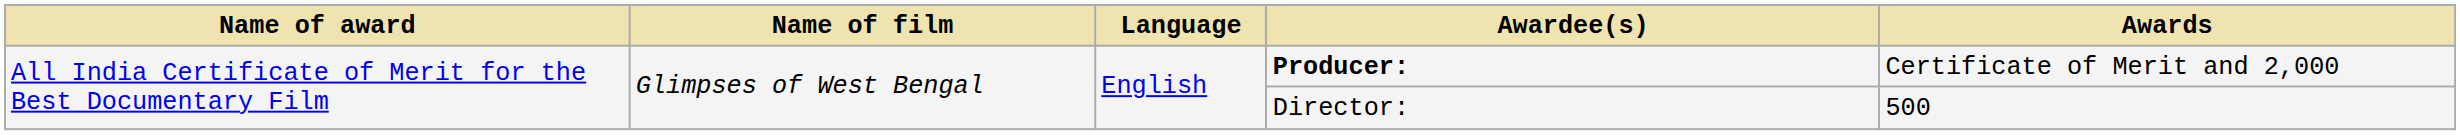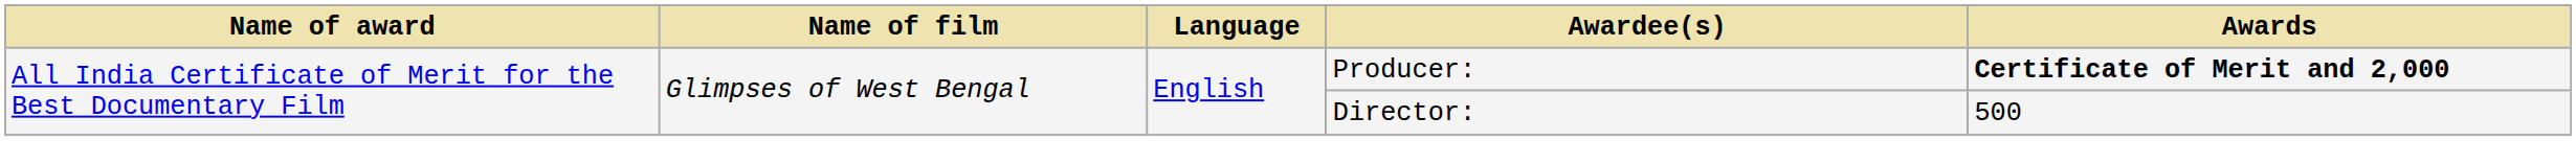 <table class="wikitable sortable" style="width:100%">
 <tr>
 <th style="background-color:#EFE4B0;width:25.5%;">Name of award</th>
 <th style="background-color:#EFE4B0;width:19%;">Name of film</th>
 <th style="background-color:#EFE4B0;width:7%;">Language</th>
 <th style="background-color:#EFE4B0;width:25%;">Awardee(s)</th>
 <th style="background-color:#EFE4B0;width:23.5%;">Awards</th>
 </tr>
 <tr style="background-color:#F4F4F4">
 <td rowspan="2"><a href='#'>All India Certificate of Merit for the Best Documentary Film</a></td>
 <td rowspan="2"><em>Glimpses of West Bengal</em></td>
 <td rowspan="2"><a href='#'>English</a></td>
-<td><strong>Producer:</strong></td>
-<td>Certificate of Merit and 2,000</td>
+<td>Producer:</td>
+<td><strong>Certificate of Merit and 2,000</strong></td>
 </tr>
 <tr style="background-color:#F4F4F4">
 <td>Director:</td>
 <td>500</td>
 </tr>
 </table>
